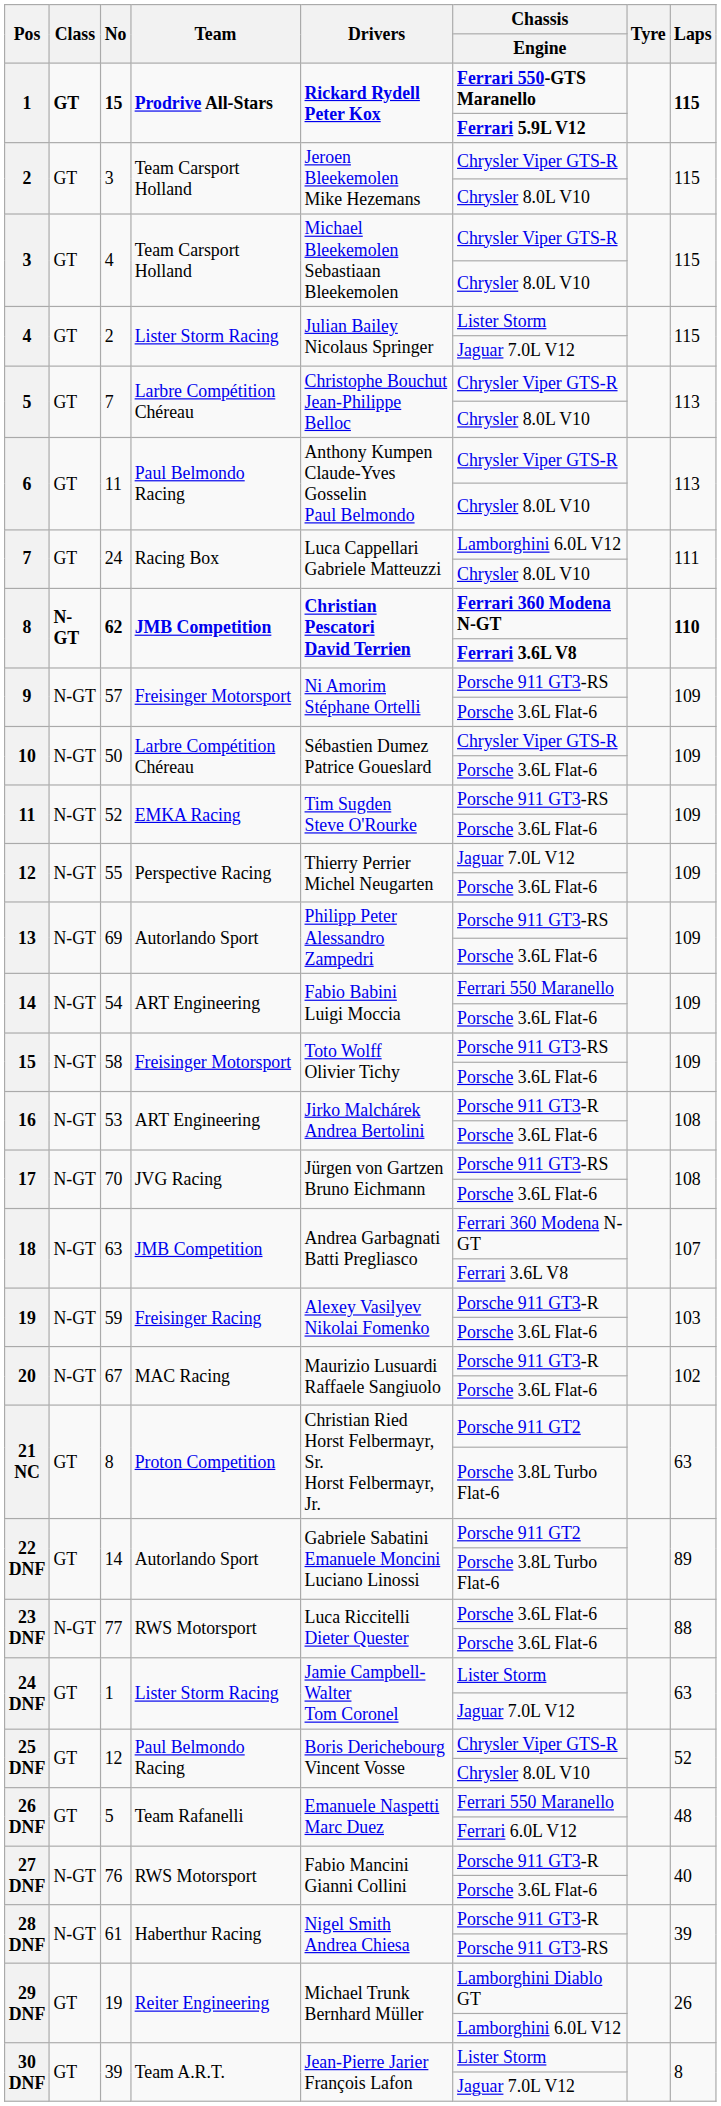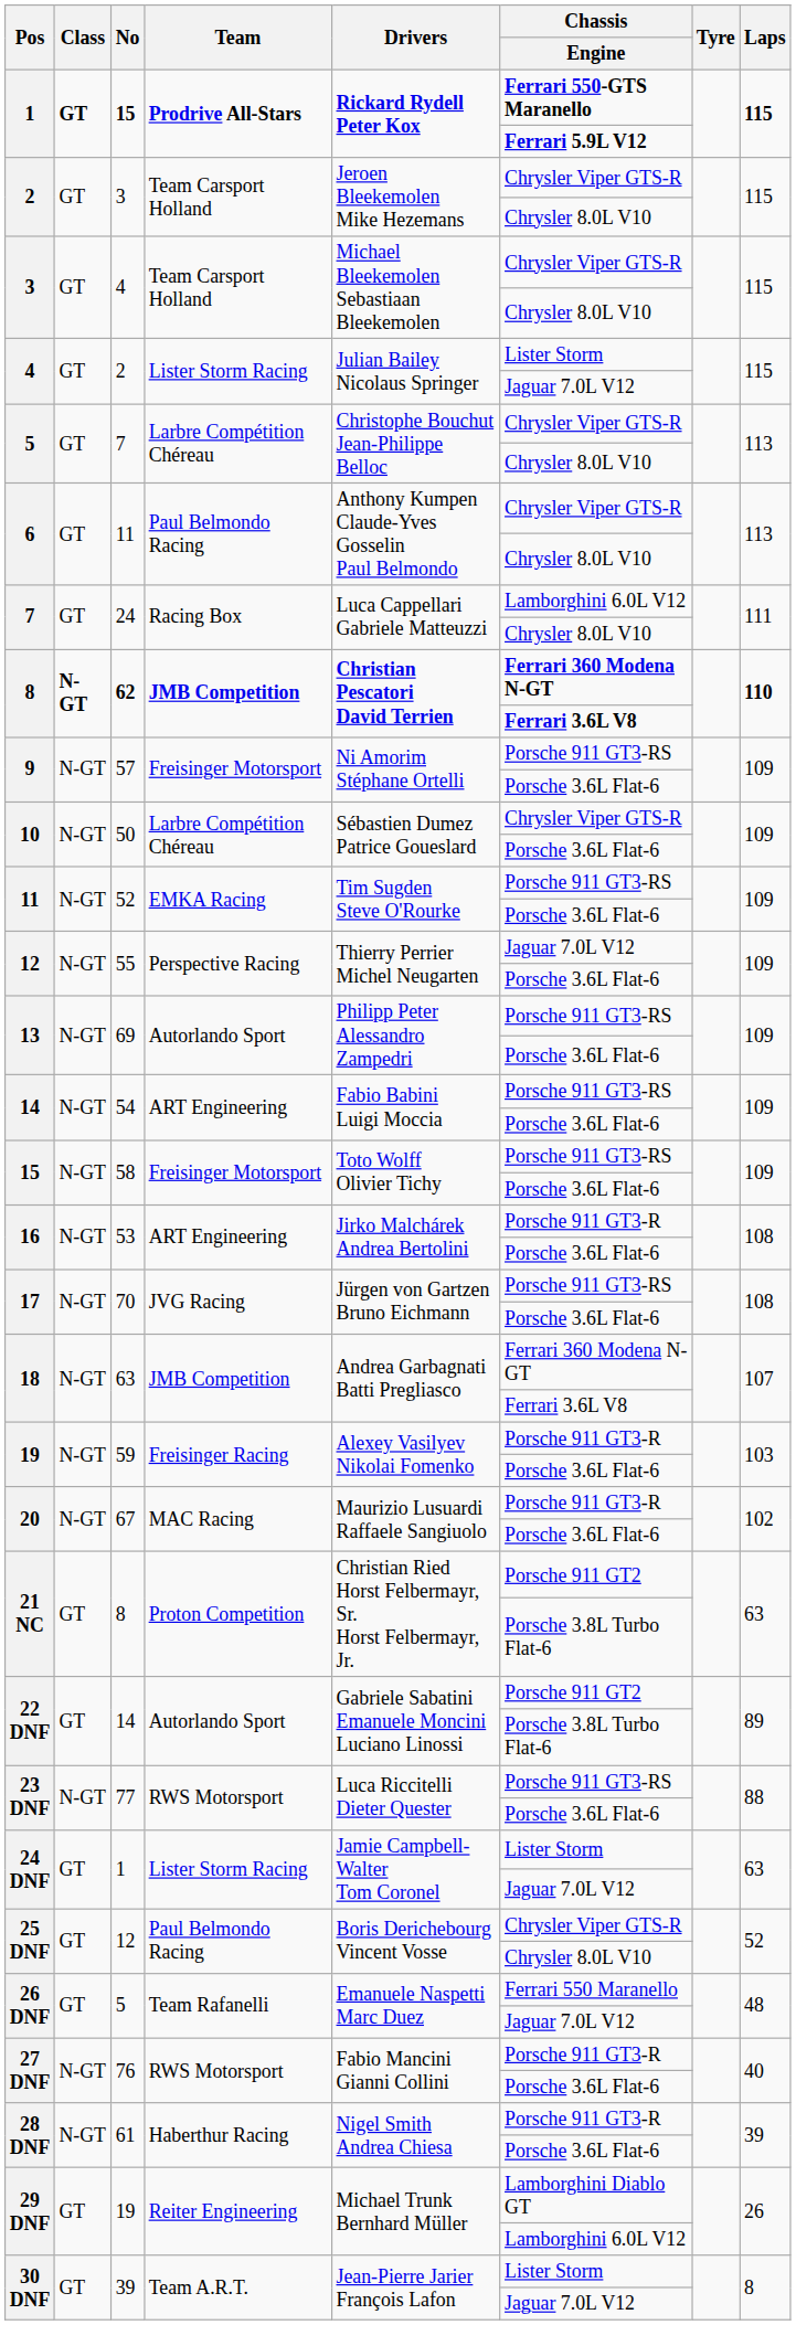 <table class="wikitable" style="font-size: 95%;">
 <tr>
 <th rowspan=2>Pos</th>
 <th rowspan=2>Class</th>
 <th rowspan=2>No</th>
 <th rowspan=2>Team</th>
 <th rowspan=2>Drivers</th>
 <th>Chassis</th>
 <th rowspan=2>Tyre</th>
 <th rowspan=2>Laps</th>
 </tr>
 <tr>
 <th>Engine</th>
 </tr>
 <tr style="font-weight:bold">
 <th rowspan=2>1</th>
 <td rowspan=2>GT</td>
 <td rowspan=2>15</td>
 <td rowspan=2> <a href='#'>Prodrive</a> All-Stars</td>
 <td rowspan=2> <a href='#'>Rickard Rydell</a><br> <a href='#'>Peter Kox</a></td>
 <td><a href='#'>Ferrari 550</a>-GTS Maranello</td>
 <td rowspan=2></td>
 <td rowspan=2>115</td>
 </tr>
 <tr style="font-weight:bold">
 <td><a href='#'>Ferrari</a> 5.9L V12</td>
 </tr>
 <tr>
 <th rowspan=2>2</th>
 <td rowspan=2>GT</td>
 <td rowspan=2>3</td>
 <td rowspan=2> Team Carsport Holland</td>
 <td rowspan=2> <a href='#'>Jeroen Bleekemolen</a><br> Mike Hezemans</td>
 <td><a href='#'>Chrysler Viper GTS-R</a></td>
 <td rowspan=2></td>
 <td rowspan=2>115</td>
 </tr>
 <tr>
 <td><a href='#'>Chrysler</a> 8.0L V10</td>
 </tr>
 <tr>
 <th rowspan=2>3</th>
 <td rowspan=2>GT</td>
 <td rowspan=2>4</td>
 <td rowspan=2> Team Carsport Holland</td>
 <td rowspan=2> <a href='#'>Michael Bleekemolen</a><br> Sebastiaan Bleekemolen</td>
 <td><a href='#'>Chrysler Viper GTS-R</a></td>
 <td rowspan=2></td>
 <td rowspan=2>115</td>
 </tr>
 <tr>
 <td><a href='#'>Chrysler</a> 8.0L V10</td>
 </tr>
 <tr>
 <th rowspan=2>4</th>
 <td rowspan=2>GT</td>
 <td rowspan=2>2</td>
 <td rowspan=2> <a href='#'>Lister Storm Racing</a></td>
 <td rowspan=2> <a href='#'>Julian Bailey</a><br> Nicolaus Springer</td>
 <td><a href='#'>Lister Storm</a></td>
 <td rowspan=2></td>
 <td rowspan=2>115</td>
 </tr>
 <tr>
 <td><a href='#'>Jaguar</a> 7.0L V12</td>
 </tr>
 <tr>
 <th rowspan=2>5</th>
 <td rowspan=2>GT</td>
 <td rowspan=2>7</td>
 <td rowspan=2> <a href='#'>Larbre Compétition</a> Chéreau</td>
 <td rowspan=2> <a href='#'>Christophe Bouchut</a><br> <a href='#'>Jean-Philippe Belloc</a></td>
 <td><a href='#'>Chrysler Viper GTS-R</a></td>
 <td rowspan=2></td>
 <td rowspan=2>113</td>
 </tr>
 <tr>
 <td><a href='#'>Chrysler</a> 8.0L V10</td>
 </tr>
 <tr>
 <th rowspan=2>6</th>
 <td rowspan=2>GT</td>
 <td rowspan=2>11</td>
 <td rowspan=2> <a href='#'>Paul Belmondo</a> Racing</td>
 <td rowspan=2> Anthony Kumpen<br> Claude-Yves Gosselin<br> <a href='#'>Paul Belmondo</a></td>
 <td><a href='#'>Chrysler Viper GTS-R</a></td>
 <td rowspan=2></td>
 <td rowspan=2>113</td>
 </tr>
 <tr>
 <td><a href='#'>Chrysler</a> 8.0L V10</td>
 </tr>
 <tr>
 <th rowspan=2>7</th>
 <td rowspan=2>GT</td>
 <td rowspan=2>24</td>
 <td rowspan=2> Racing Box</td>
 <td rowspan=2> Luca Cappellari<br> Gabriele Matteuzzi</td>
 <td><a href='#'>Lamborghini</a> 6.0L V12</td>
 <td rowspan=2></td>
 <td rowspan=2>111</td>
 </tr>
 <tr>
 <td><a href='#'>Chrysler</a> 8.0L V10</td>
 </tr>
 <tr style="font-weight:bold">
 <th rowspan=2>8</th>
 <td rowspan=2>N-GT</td>
 <td rowspan=2>62</td>
 <td rowspan=2> <a href='#'>JMB Competition</a></td>
 <td rowspan=2> <a href='#'>Christian Pescatori</a><br> <a href='#'>David Terrien</a></td>
 <td><a href='#'>Ferrari 360 Modena</a> N-GT</td>
 <td rowspan=2></td>
 <td rowspan=2>110</td>
 </tr>
 <tr style="font-weight:bold">
 <td><a href='#'>Ferrari</a> 3.6L V8</td>
 </tr>
 <tr>
 <th rowspan=2>9</th>
 <td rowspan=2>N-GT</td>
 <td rowspan=2>57</td>
 <td rowspan=2> <a href='#'>Freisinger Motorsport</a></td>
 <td rowspan=2> <a href='#'>Ni Amorim</a><br> <a href='#'>Stéphane Ortelli</a></td>
 <td><a href='#'>Porsche 911 GT3</a>-RS</td>
 <td rowspan=2></td>
 <td rowspan=2>109</td>
 </tr>
 <tr>
 <td><a href='#'>Porsche</a> 3.6L Flat-6</td>
 </tr>
 <tr>
 <th rowspan=2>10</th>
 <td rowspan=2>N-GT</td>
 <td rowspan=2>50</td>
 <td rowspan=2> <a href='#'>Larbre Compétition</a> Chéreau</td>
 <td rowspan=2> Sébastien Dumez<br> Patrice Goueslard</td>
 <td><a href='#'>Chrysler Viper GTS-R</a></td>
 <td rowspan=2></td>
 <td rowspan=2>109</td>
 </tr>
 <tr>
 <td><a href='#'>Porsche</a> 3.6L Flat-6</td>
 </tr>
 <tr>
 <th rowspan=2>11</th>
 <td rowspan=2>N-GT</td>
 <td rowspan=2>52</td>
 <td rowspan=2> <a href='#'>EMKA Racing</a></td>
 <td rowspan=2> <a href='#'>Tim Sugden</a><br> <a href='#'>Steve O'Rourke</a></td>
 <td><a href='#'>Porsche 911 GT3</a>-RS</td>
 <td rowspan=2></td>
 <td rowspan=2>109</td>
 </tr>
 <tr>
 <td><a href='#'>Porsche</a> 3.6L Flat-6</td>
 </tr>
 <tr>
 <th rowspan=2>12</th>
 <td rowspan=2>N-GT</td>
 <td rowspan=2>55</td>
 <td rowspan=2> Perspective Racing</td>
 <td rowspan=2> Thierry Perrier<br> Michel Neugarten</td>
 <td><a href='#'>Jaguar</a> 7.0L V12</td>
 <td rowspan=2></td>
 <td rowspan=2>109</td>
 </tr>
 <tr>
 <td><a href='#'>Porsche</a> 3.6L Flat-6</td>
 </tr>
 <tr>
 <th rowspan=2>13</th>
 <td rowspan=2>N-GT</td>
 <td rowspan=2>69</td>
 <td rowspan=2> Autorlando Sport</td>
 <td rowspan=2> <a href='#'>Philipp Peter</a><br> <a href='#'>Alessandro Zampedri</a></td>
 <td><a href='#'>Porsche 911 GT3</a>-RS</td>
 <td rowspan=2></td>
 <td rowspan=2>109</td>
 </tr>
 <tr>
 <td><a href='#'>Porsche</a> 3.6L Flat-6</td>
 </tr>
 <tr>
 <th rowspan=2>14</th>
 <td rowspan=2>N-GT</td>
 <td rowspan=2>54</td>
 <td rowspan=2> ART Engineering</td>
 <td rowspan=2> <a href='#'>Fabio Babini</a><br> Luigi Moccia</td>
-<td><a href='#'>Ferrari 550 Maranello</a></td>
+<td><a href='#'>Porsche 911 GT3</a>-RS</td>
 <td rowspan=2></td>
 <td rowspan=2>109</td>
 </tr>
 <tr>
 <td><a href='#'>Porsche</a> 3.6L Flat-6</td>
 </tr>
 <tr>
 <th rowspan=2>15</th>
 <td rowspan=2>N-GT</td>
 <td rowspan=2>58</td>
 <td rowspan=2> <a href='#'>Freisinger Motorsport</a></td>
 <td rowspan=2> <a href='#'>Toto Wolff</a><br> Olivier Tichy</td>
 <td><a href='#'>Porsche 911 GT3</a>-RS</td>
 <td rowspan=2></td>
 <td rowspan=2>109</td>
 </tr>
 <tr>
 <td><a href='#'>Porsche</a> 3.6L Flat-6</td>
 </tr>
 <tr>
 <th rowspan=2>16</th>
 <td rowspan=2>N-GT</td>
 <td rowspan=2>53</td>
 <td rowspan=2> ART Engineering</td>
 <td rowspan=2> <a href='#'>Jirko Malchárek</a><br> <a href='#'>Andrea Bertolini</a></td>
 <td><a href='#'>Porsche 911 GT3</a>-R</td>
 <td rowspan=2></td>
 <td rowspan=2>108</td>
 </tr>
 <tr>
 <td><a href='#'>Porsche</a> 3.6L Flat-6</td>
 </tr>
 <tr>
 <th rowspan=2>17</th>
 <td rowspan=2>N-GT</td>
 <td rowspan=2>70</td>
 <td rowspan=2> JVG Racing</td>
 <td rowspan=2> Jürgen von Gartzen<br> Bruno Eichmann</td>
 <td><a href='#'>Porsche 911 GT3</a>-RS</td>
 <td rowspan=2></td>
 <td rowspan=2>108</td>
 </tr>
 <tr>
 <td><a href='#'>Porsche</a> 3.6L Flat-6</td>
 </tr>
 <tr>
 <th rowspan=2>18</th>
 <td rowspan=2>N-GT</td>
 <td rowspan=2>63</td>
 <td rowspan=2> <a href='#'>JMB Competition</a></td>
 <td rowspan=2> Andrea Garbagnati<br> Batti Pregliasco</td>
 <td><a href='#'>Ferrari 360 Modena</a> N-GT</td>
 <td rowspan=2></td>
 <td rowspan=2>107</td>
 </tr>
 <tr>
 <td><a href='#'>Ferrari</a> 3.6L V8</td>
 </tr>
 <tr>
 <th rowspan=2>19</th>
 <td rowspan=2>N-GT</td>
 <td rowspan=2>59</td>
 <td rowspan=2> <a href='#'>Freisinger Racing</a></td>
 <td rowspan=2> <a href='#'>Alexey Vasilyev</a><br> <a href='#'>Nikolai Fomenko</a></td>
 <td><a href='#'>Porsche 911 GT3</a>-R</td>
 <td rowspan=2></td>
 <td rowspan=2>103</td>
 </tr>
 <tr>
 <td><a href='#'>Porsche</a> 3.6L Flat-6</td>
 </tr>
 <tr>
 <th rowspan=2>20</th>
 <td rowspan=2>N-GT</td>
 <td rowspan=2>67</td>
 <td rowspan=2> MAC Racing</td>
 <td rowspan=2> Maurizio Lusuardi<br> Raffaele Sangiuolo</td>
 <td><a href='#'>Porsche 911 GT3</a>-R</td>
 <td rowspan=2></td>
 <td rowspan=2>102</td>
 </tr>
 <tr>
 <td><a href='#'>Porsche</a> 3.6L Flat-6</td>
 </tr>
 <tr>
 <th rowspan=2>21<br>NC</th>
 <td rowspan=2>GT</td>
 <td rowspan=2>8</td>
 <td rowspan=2> <a href='#'>Proton Competition</a></td>
 <td rowspan=2> Christian Ried<br> Horst Felbermayr, Sr.<br> Horst Felbermayr, Jr.</td>
 <td><a href='#'>Porsche 911 GT2</a></td>
 <td rowspan=2></td>
 <td rowspan=2>63</td>
 </tr>
 <tr>
 <td><a href='#'>Porsche</a> 3.8L Turbo Flat-6</td>
 </tr>
 <tr>
 <th rowspan=2>22<br>DNF</th>
 <td rowspan=2>GT</td>
 <td rowspan=2>14</td>
 <td rowspan=2> Autorlando Sport</td>
 <td rowspan=2> Gabriele Sabatini<br> <a href='#'>Emanuele Moncini</a><br> Luciano Linossi</td>
 <td><a href='#'>Porsche 911 GT2</a></td>
 <td rowspan=2></td>
 <td rowspan=2>89</td>
 </tr>
 <tr>
 <td><a href='#'>Porsche</a> 3.8L Turbo Flat-6</td>
 </tr>
 <tr>
 <th rowspan=2>23<br>DNF</th>
 <td rowspan=2>N-GT</td>
 <td rowspan=2>77</td>
 <td rowspan=2> RWS Motorsport</td>
 <td rowspan=2> Luca Riccitelli<br> <a href='#'>Dieter Quester</a></td>
-<td><a href='#'>Porsche</a> 3.6L Flat-6</td>
+<td><a href='#'>Porsche 911 GT3</a>-RS</td>
 <td rowspan=2></td>
 <td rowspan=2>88</td>
 </tr>
 <tr>
 <td><a href='#'>Porsche</a> 3.6L Flat-6</td>
 </tr>
 <tr>
 <th rowspan=2>24<br>DNF</th>
 <td rowspan=2>GT</td>
 <td rowspan=2>1</td>
 <td rowspan=2> <a href='#'>Lister Storm Racing</a></td>
 <td rowspan=2> <a href='#'>Jamie Campbell-Walter</a><br> <a href='#'>Tom Coronel</a></td>
 <td><a href='#'>Lister Storm</a></td>
 <td rowspan=2></td>
 <td rowspan=2>63</td>
 </tr>
 <tr>
 <td><a href='#'>Jaguar</a> 7.0L V12</td>
 </tr>
 <tr>
 <th rowspan=2>25<br>DNF</th>
 <td rowspan=2>GT</td>
 <td rowspan=2>12</td>
 <td rowspan=2> <a href='#'>Paul Belmondo</a> Racing</td>
 <td rowspan=2> <a href='#'>Boris Derichebourg</a><br> Vincent Vosse</td>
 <td><a href='#'>Chrysler Viper GTS-R</a></td>
 <td rowspan=2></td>
 <td rowspan=2>52</td>
 </tr>
 <tr>
 <td><a href='#'>Chrysler</a> 8.0L V10</td>
 </tr>
 <tr>
 <th rowspan=2>26<br>DNF</th>
 <td rowspan=2>GT</td>
 <td rowspan=2>5</td>
 <td rowspan=2> Team Rafanelli</td>
 <td rowspan=2> <a href='#'>Emanuele Naspetti</a><br> <a href='#'>Marc Duez</a></td>
 <td><a href='#'>Ferrari 550 Maranello</a></td>
 <td rowspan=2></td>
 <td rowspan=2>48</td>
 </tr>
 <tr>
-<td><a href='#'>Ferrari</a> 6.0L V12</td>
+<td><a href='#'>Jaguar</a> 7.0L V12</td>
 </tr>
 <tr>
 <th rowspan=2>27<br>DNF</th>
 <td rowspan=2>N-GT</td>
 <td rowspan=2>76</td>
 <td rowspan=2> RWS Motorsport</td>
 <td rowspan=2> Fabio Mancini<br> Gianni Collini</td>
 <td><a href='#'>Porsche 911 GT3</a>-R</td>
 <td rowspan=2></td>
 <td rowspan=2>40</td>
 </tr>
 <tr>
 <td><a href='#'>Porsche</a> 3.6L Flat-6</td>
 </tr>
 <tr>
 <th rowspan=2>28<br>DNF</th>
 <td rowspan=2>N-GT</td>
 <td rowspan=2>61</td>
 <td rowspan=2> Haberthur Racing</td>
 <td rowspan=2> <a href='#'>Nigel Smith</a><br> <a href='#'>Andrea Chiesa</a></td>
 <td><a href='#'>Porsche 911 GT3</a>-R</td>
 <td rowspan=2></td>
 <td rowspan=2>39</td>
 </tr>
 <tr>
-<td><a href='#'>Porsche 911 GT3</a>-RS</td>
+<td><a href='#'>Porsche</a> 3.6L Flat-6</td>
 </tr>
 <tr>
 <th rowspan=2>29<br>DNF</th>
 <td rowspan=2>GT</td>
 <td rowspan=2>19</td>
 <td rowspan=2> <a href='#'>Reiter Engineering</a></td>
 <td rowspan=2> Michael Trunk<br> Bernhard Müller</td>
 <td><a href='#'>Lamborghini Diablo</a> GT</td>
 <td rowspan=2></td>
 <td rowspan=2>26</td>
 </tr>
 <tr>
 <td><a href='#'>Lamborghini</a> 6.0L V12</td>
 </tr>
 <tr>
 <th rowspan=2>30<br>DNF</th>
 <td rowspan=2>GT</td>
 <td rowspan=2>39</td>
 <td rowspan=2> Team A.R.T.</td>
 <td rowspan=2> <a href='#'>Jean-Pierre Jarier</a><br> François Lafon</td>
 <td><a href='#'>Lister Storm</a></td>
 <td rowspan=2></td>
 <td rowspan=2>8</td>
 </tr>
 <tr>
 <td><a href='#'>Jaguar</a> 7.0L V12</td>
 </tr>
 </table>
